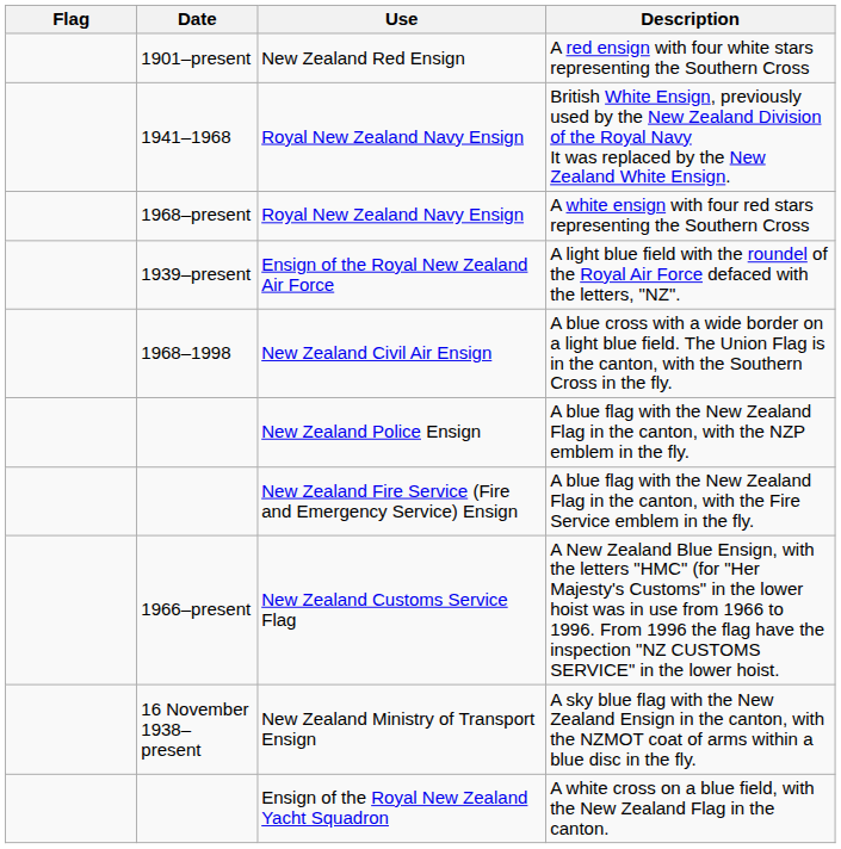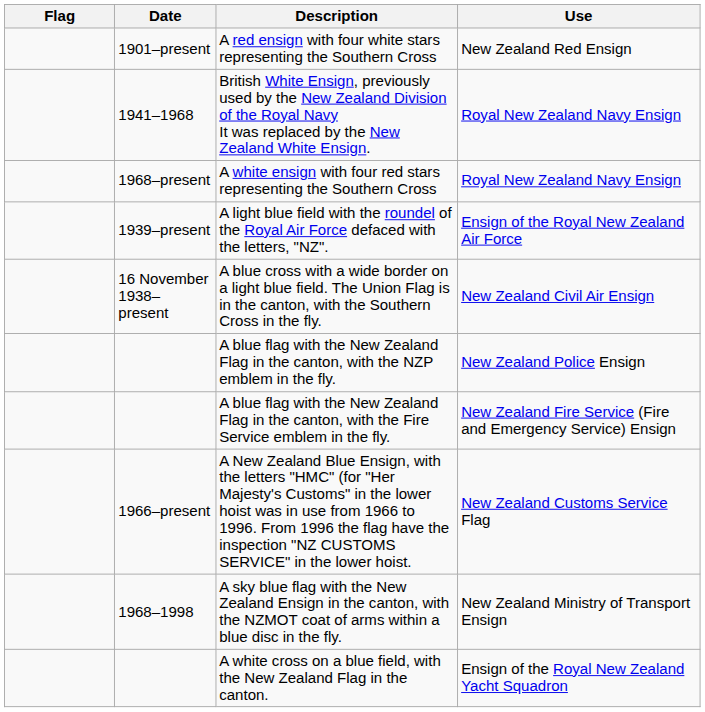 <table class="wikitable">
 <tr>
 <th style="width:110px;">Flag</th>
 <th style="width:100px;">Date</th>
+<th style="width:250px;">Description</th>
 <th style="width:250px;">Use</th>
-<th style="width:250px;">Description</th>
 </tr>
 <tr>
 <td></td>
 <td>1901–present</td>
+<td>A <a href='#'>red ensign</a> with four white stars representing the Southern Cross</td>
 <td>New Zealand Red Ensign</td>
-<td>A <a href='#'>red ensign</a> with four white stars representing the Southern Cross</td>
 </tr>
 <tr>
 <td></td>
 <td>1941–1968</td>
+<td>British <a href='#'>White Ensign</a>, previously used by the <a href='#'>New Zealand Division of the Royal Navy</a> <br>It was replaced by the <a href='#'>New Zealand White Ensign</a>.</td>
 <td><a href='#'>Royal New Zealand Navy Ensign</a></td>
-<td>British <a href='#'>White Ensign</a>, previously used by the <a href='#'>New Zealand Division of the Royal Navy</a> <br>It was replaced by the <a href='#'>New Zealand White Ensign</a>.</td>
 </tr>
 <tr>
 <td></td>
 <td>1968–present</td>
+<td>A <a href='#'>white ensign</a> with four red stars representing the Southern Cross</td>
 <td><a href='#'>Royal New Zealand Navy Ensign</a></td>
-<td>A <a href='#'>white ensign</a> with four red stars representing the Southern Cross</td>
 </tr>
 <tr>
 <td></td>
 <td>1939–present</td>
+<td>A light blue field with the <a href='#'>roundel</a> of the <a href='#'>Royal Air Force</a> defaced with the letters, "NZ".</td>
 <td><a href='#'>Ensign of the Royal New Zealand Air Force</a></td>
-<td>A light blue field with the <a href='#'>roundel</a> of the <a href='#'>Royal Air Force</a> defaced with the letters, "NZ".</td>
+</tr>
+<tr>
+<td></td>
+<td>16 November 1938– present</td>
+<td>A blue cross with a wide border on a light blue field. The Union Flag is in the canton, with the Southern Cross in the fly.</td>
+<td><a href='#'>New Zealand Civil Air Ensign</a></td>
+</tr>
+<tr>
+<td></td>
+<td></td>
+<td>A blue flag with the New Zealand Flag in the canton, with the NZP emblem in the fly.</td>
+<td><a href='#'>New Zealand Police</a> Ensign</td>
+</tr>
+<tr>
+<td></td>
+<td></td>
+<td>A blue flag with the New Zealand Flag in the canton, with the Fire Service emblem in the fly.</td>
+<td><a href='#'>New Zealand Fire Service</a> (Fire and Emergency Service) Ensign</td>
+</tr>
+<tr>
+<td></td>
+<td>1966–present</td>
+<td>A New Zealand Blue Ensign, with the letters "HMC" (for "Her Majesty's Customs" in the lower hoist was in use from 1966 to 1996. From 1996 the flag have the inspection "NZ CUSTOMS SERVICE" in the lower hoist.</td>
+<td><a href='#'>New Zealand Customs Service</a> Flag</td>
 </tr>
 <tr>
 <td></td>
 <td>1968–1998</td>
-<td><a href='#'>New Zealand Civil Air Ensign</a></td>
-<td>A blue cross with a wide border on a light blue field. The Union Flag is in the canton, with the Southern Cross in the fly.</td>
+<td>A sky blue flag with the New Zealand Ensign in the canton, with the NZMOT coat of arms within a blue disc in the fly.</td>
+<td>New Zealand Ministry of Transport Ensign</td>
 </tr>
 <tr>
 <td></td>
 <td></td>
-<td><a href='#'>New Zealand Police</a> Ensign</td>
-<td>A blue flag with the New Zealand Flag in the canton, with the NZP emblem in the fly.</td>
-</tr>
-<tr>
-<td></td>
-<td></td>
-<td><a href='#'>New Zealand Fire Service</a> (Fire and Emergency Service) Ensign</td>
-<td>A blue flag with the New Zealand Flag in the canton, with the Fire Service emblem in the fly.</td>
-</tr>
-<tr>
-<td></td>
-<td>1966–present</td>
-<td><a href='#'>New Zealand Customs Service</a> Flag</td>
-<td>A New Zealand Blue Ensign, with the letters "HMC" (for "Her Majesty's Customs" in the lower hoist was in use from 1966 to 1996. From 1996 the flag have the inspection "NZ CUSTOMS SERVICE" in the lower hoist.</td>
-</tr>
-<tr>
-<td></td>
-<td>16 November 1938– present</td>
-<td>New Zealand Ministry of Transport Ensign</td>
-<td>A sky blue flag with the New Zealand Ensign in the canton, with the NZMOT coat of arms within a blue disc in the fly.</td>
-</tr>
-<tr>
-<td></td>
-<td></td>
+<td>A white cross on a blue field, with the New Zealand Flag in the canton.</td>
 <td>Ensign of the <a href='#'>Royal New Zealand Yacht Squadron</a></td>
-<td>A white cross on a blue field, with the New Zealand Flag in the canton.</td>
 </tr>
 </table>
